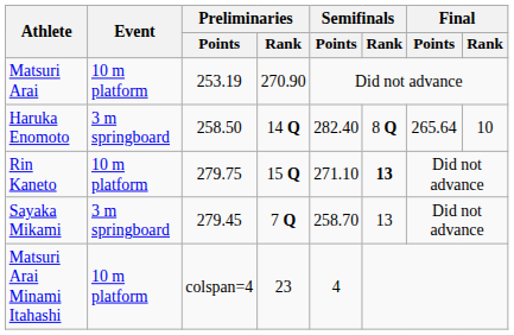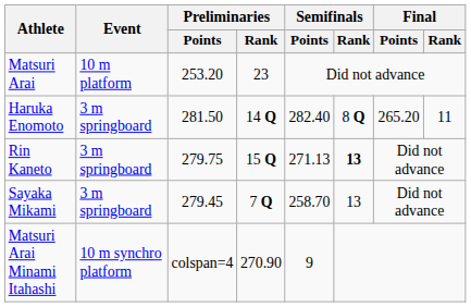 <table class="wikitable" style="text-align:center; font-size:90%; width:50%;">
 <tr>
 <th rowspan=2>Athlete</th>
 <th rowspan=2>Event</th>
 <th colspan=2>Preliminaries</th>
 <th colspan=2>Semifinals</th>
 <th colspan=2>Final</th>
 </tr>
 <tr style="font-size:95%">
 <th>Points</th>
 <th>Rank</th>
 <th>Points</th>
 <th>Rank</th>
 <th>Points</th>
 <th>Rank</th>
 </tr>
 <tr>
 <td align=left><a href='#'>Matsuri Arai</a></td>
 <td align=left><a href='#'>10 m platform</a></td>
-<td>253.19</td>
-<td>270.90</td>
+<td>253.20</td>
+<td>23</td>
 <td colspan=4>Did not advance</td>
 </tr>
 <tr>
 <td align=left><a href='#'>Haruka Enomoto</a></td>
 <td align=left><a href='#'>3 m springboard</a></td>
-<td>258.50</td>
+<td>281.50</td>
 <td>14 <strong>Q</strong></td>
 <td>282.40</td>
 <td>8 <strong>Q</strong></td>
-<td>265.64</td>
-<td>10</td>
+<td>265.20</td>
+<td>11</td>
 </tr>
 <tr>
 <td align=left><a href='#'>Rin Kaneto</a></td>
-<td align=left><a href='#'>10 m platform</a></td>
+<td align=left><a href='#'>3 m springboard</a></td>
 <td>279.75</td>
 <td>15 <strong>Q</strong></td>
-<td>271.10</td>
+<td>271.13</td>
 <td><strong>13</strong></td>
 <td colspan=2>Did not advance</td>
 </tr>
 <tr>
 <td align=left><a href='#'>Sayaka Mikami</a></td>
 <td align=left><a href='#'>3 m springboard</a></td>
 <td>279.45</td>
 <td>7 <strong>Q</strong></td>
 <td>258.70</td>
 <td>13</td>
 <td colspan=2>Did not advance</td>
 </tr>
 <tr>
 <td align=left><a href='#'>Matsuri Arai</a><br><a href='#'>Minami Itahashi</a></td>
-<td align=left><a href='#'>10 m platform</a></td>
+<td align=left><a href='#'>10 m synchro platform</a></td>
 <td>colspan=4 </td>
-<td>23</td>
-<td>4</td>
+<td>270.90</td>
+<td>9</td>
 </tr>
 </table>
